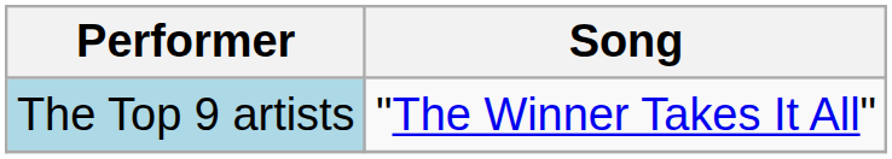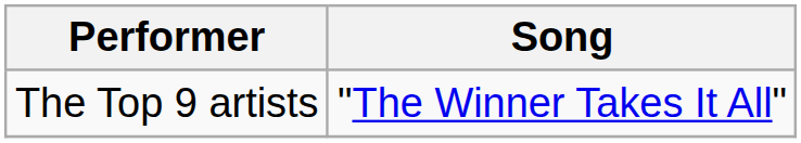 <table class="wikitable" style="text-align:center;">
 <tr>
 <th>Performer</th>
 <th>Song</th>
 </tr>
 <tr>
-<td style="background: lightblue;">The Top 9 artists</td>
+<td>The Top 9 artists</td>
 <td>"<a href='#'>The Winner Takes It All</a>"</td>
 </tr>
 <tr>
 </tr>
 </table>
